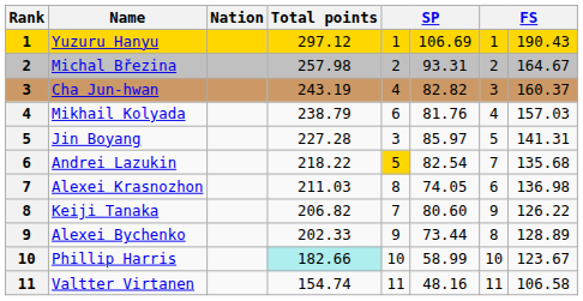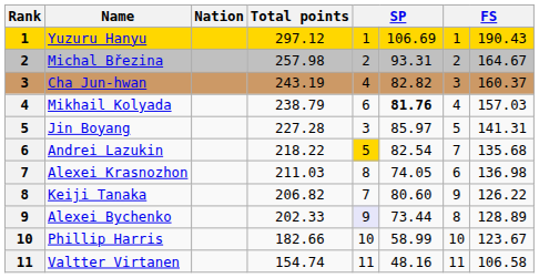 <table class="wikitable sortable">
 <tr>
 <th>Rank</th>
 <th>Name</th>
 <th>Nation</th>
 <th>Total points</th>
 <th colspan="2" width="80px"><a href='#'>SP</a></th>
 <th colspan="2" width="80px"><a href='#'>FS</a></th>
 </tr>
 <tr bgcolor="gold">
 <td align="center"><strong>1</strong></td>
 <td><a href='#'>Yuzuru Hanyu</a></td>
 <td></td>
 <td align="center">297.12</td>
 <td align="center">1</td>
 <td align="center">106.69</td>
 <td align="center">1</td>
 <td align="center">190.43</td>
 </tr>
 <tr bgcolor="silver">
 <td align="center"><strong>2</strong></td>
 <td><a href='#'>Michal Březina</a></td>
 <td></td>
 <td align="center">257.98</td>
 <td align="center">2</td>
 <td align="center">93.31</td>
 <td align="center">2</td>
 <td align="center">164.67</td>
 </tr>
 <tr bgcolor="cc9966">
 <td align="center"><strong>3</strong></td>
 <td><a href='#'>Cha Jun-hwan</a></td>
 <td></td>
 <td align="center">243.19</td>
 <td align="center">4</td>
 <td align="center">82.82</td>
 <td align="center">3</td>
 <td align="center">160.37</td>
 </tr>
 <tr>
 <th>4</th>
 <td><a href='#'>Mikhail Kolyada</a></td>
 <td></td>
 <td align="center">238.79</td>
 <td align="center">6</td>
-<td align="center">81.76</td>
+<td align="center"><strong>81.76</strong></td>
 <td align="center">4</td>
 <td align="center">157.03</td>
 </tr>
 <tr>
 <th>5</th>
 <td><a href='#'>Jin Boyang</a></td>
 <td></td>
 <td align="center">227.28</td>
 <td align="center">3</td>
 <td align="center">85.97</td>
 <td align="center">5</td>
 <td align="center">141.31</td>
 </tr>
 <tr>
 <th>6</th>
 <td><a href='#'>Andrei Lazukin</a></td>
 <td></td>
 <td align="center">218.22</td>
 <td align="center" style="background: gold;">5</td>
 <td align="center">82.54</td>
 <td align="center">7</td>
 <td align="center">135.68</td>
 </tr>
 <tr>
 <th>7</th>
 <td><a href='#'>Alexei Krasnozhon</a></td>
 <td></td>
 <td align="center">211.03</td>
 <td align="center">8</td>
 <td align="center">74.05</td>
 <td align="center">6</td>
 <td align="center">136.98</td>
 </tr>
 <tr>
 <th>8</th>
 <td><a href='#'>Keiji Tanaka</a></td>
 <td></td>
 <td align="center">206.82</td>
 <td align="center">7</td>
 <td align="center">80.60</td>
 <td align="center">9</td>
 <td align="center">126.22</td>
 </tr>
 <tr>
 <th>9</th>
 <td><a href='#'>Alexei Bychenko</a></td>
 <td></td>
 <td align="center">202.33</td>
-<td align="center">9</td>
+<td align="center" style="background: lavender;">9</td>
 <td align="center">73.44</td>
 <td align="center">8</td>
 <td align="center">128.89</td>
 </tr>
 <tr>
 <th>10</th>
 <td><a href='#'>Phillip Harris</a></td>
 <td></td>
-<td align="center" style="background: paleturquoise;">182.66</td>
+<td align="center">182.66</td>
 <td align="center">10</td>
 <td align="center">58.99</td>
 <td align="center">10</td>
 <td align="center">123.67</td>
 </tr>
 <tr>
 <th>11</th>
 <td><a href='#'>Valtter Virtanen</a></td>
 <td></td>
 <td align="center">154.74</td>
 <td align="center">11</td>
 <td align="center">48.16</td>
 <td align="center">11</td>
 <td align="center">106.58</td>
 </tr>
 </table>
